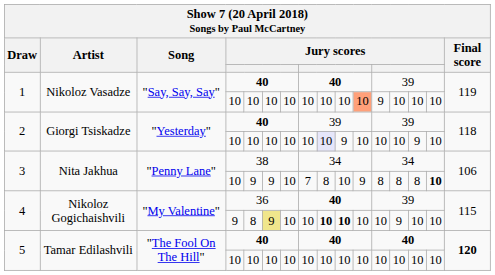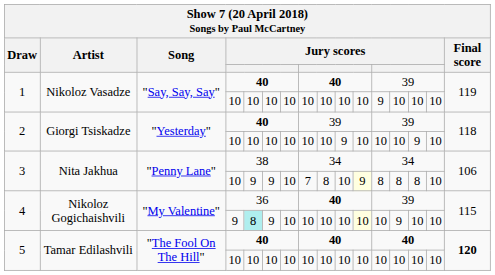 <table class="sortable wikitable" style="text-align:center;margin:1em auto 1em auto">
 <tr>
 <th colspan="16">Show 7 (20 April 2018)<br><small>Songs by Paul McCartney</small></th>
 </tr>
 <tr>
 <th rowspan="2" scope="col">Draw</th>
 <th rowspan="2" scope="col">Artist</th>
 <th rowspan="2" scope="col">Song</th>
 <th colspan="12" scope="col">Jury scores</th>
 <th rowspan="2" scope="col">Final score</th>
 </tr>
 <tr>
 <th colspan="4" class="unsortable" scope="col"><small></small></th>
 <th colspan="4" class="unsortable" scope="col"><small></small></th>
 <th colspan="4" class="unsortable" scope="col"><small></small></th>
 </tr>
 <tr>
 <td rowspan="2">1</td>
 <td rowspan="2">Nikoloz Vasadze</td>
 <td rowspan="2">"<a href='#'>Say, Say, Say</a>"</td>
 <td colspan="4"><strong>40</strong></td>
 <td colspan="4"><strong>40</strong></td>
 <td colspan="4">39</td>
 <td rowspan="2">119</td>
 </tr>
 <tr>
 <td>10</td>
 <td>10</td>
 <td>10</td>
 <td>10</td>
 <td>10</td>
 <td>10</td>
 <td>10</td>
-<td style="background: lightsalmon;">10</td>
+<td>10</td>
 <td>9</td>
 <td>10</td>
 <td>10</td>
 <td>10</td>
 </tr>
 <tr>
 <td rowspan="2">2</td>
 <td rowspan="2">Giorgi Tsiskadze</td>
 <td rowspan="2">"<a href='#'>Yesterday</a>"</td>
 <td colspan="4"><strong>40</strong></td>
 <td colspan="4">39</td>
 <td colspan="4">39</td>
 <td rowspan="2">118</td>
 </tr>
 <tr>
 <td>10</td>
 <td>10</td>
 <td>10</td>
 <td>10</td>
 <td>10</td>
-<td style="background: lavender;">10</td>
+<td>10</td>
 <td>9</td>
 <td>10</td>
 <td>10</td>
 <td>10</td>
 <td>9</td>
 <td>10</td>
 </tr>
 <tr>
 <td rowspan="2">3</td>
 <td rowspan="2">Nita Jakhua</td>
 <td rowspan="2">"<a href='#'>Penny Lane</a>"</td>
 <td colspan="4">38</td>
 <td colspan="4">34</td>
 <td colspan="4">34</td>
 <td rowspan="2">106</td>
 </tr>
 <tr>
 <td>10</td>
 <td>9</td>
 <td>9</td>
 <td>10</td>
 <td>7</td>
 <td>8</td>
 <td>10</td>
-<td>9</td>
+<td style="background: lightyellow;">9</td>
 <td>8</td>
 <td>8</td>
 <td>8</td>
-<td><strong>10</strong></td>
+<td>10</td>
 </tr>
 <tr>
 <td rowspan="2">4</td>
 <td rowspan="2">Nikoloz Gogichaishvili</td>
 <td rowspan="2">"<a href='#'>My Valentine</a>"</td>
 <td colspan="4">36</td>
 <td colspan="4"><strong>40</strong></td>
 <td colspan="4">39</td>
 <td rowspan="2">115</td>
 </tr>
 <tr>
 <td>9</td>
-<td>8</td>
-<td style="background: khaki;">9</td>
+<td style="background: paleturquoise;">8</td>
+<td>9</td>
 <td>10</td>
 <td>10</td>
-<td><strong>10</strong></td>
-<td><strong>10</strong></td>
 <td>10</td>
+<td>10</td>
+<td style="background: lightyellow;">10</td>
 <td>10</td>
 <td>9</td>
 <td>10</td>
 <td>10</td>
 </tr>
 <tr>
 <td rowspan="2">5</td>
 <td rowspan="2">Tamar Edilashvili</td>
 <td rowspan="2">"<a href='#'>The Fool On The Hill</a>"</td>
 <td colspan="4"><strong>40</strong></td>
 <td colspan="4"><strong>40</strong></td>
 <td colspan="4"><strong>40</strong></td>
 <td rowspan="2"><strong>120</strong></td>
 </tr>
 <tr>
 <td>10</td>
 <td>10</td>
 <td>10</td>
 <td>10</td>
 <td>10</td>
 <td>10</td>
 <td>10</td>
 <td>10</td>
 <td>10</td>
 <td>10</td>
 <td>10</td>
 <td>10</td>
 </tr>
 </table>
